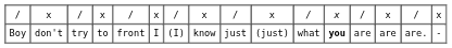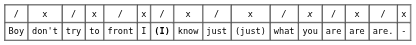 <table border=1 cellspacing=0 cellpadding=5 style="text-align:center;">
 <tr>
 <td>/</td>
 <td>x</td>
 <td>/</td>
 <td>x</td>
 <td>/</td>
 <td>x</td>
 <td>/</td>
 <td>x</td>
 <td>/</td>
 <td>x</td>
 <td><em>/</em></td>
 <td><em>x</em></td>
 <td>/</td>
 <td>x</td>
 <td>/</td>
 <td>x</td>
 </tr>
 <tr>
 <td>Boy</td>
 <td>don't</td>
 <td>try</td>
 <td>to</td>
 <td>front</td>
 <td>I</td>
-<td>(I)</td>
+<td><strong>(I)</strong></td>
 <td>know</td>
 <td>just</td>
 <td>(just)</td>
 <td>what</td>
-<td><strong>you</strong></td>
+<td>you</td>
 <td>are</td>
 <td>are</td>
 <td>are.</td>
 <td>-</td>
 </tr>
 </table>
